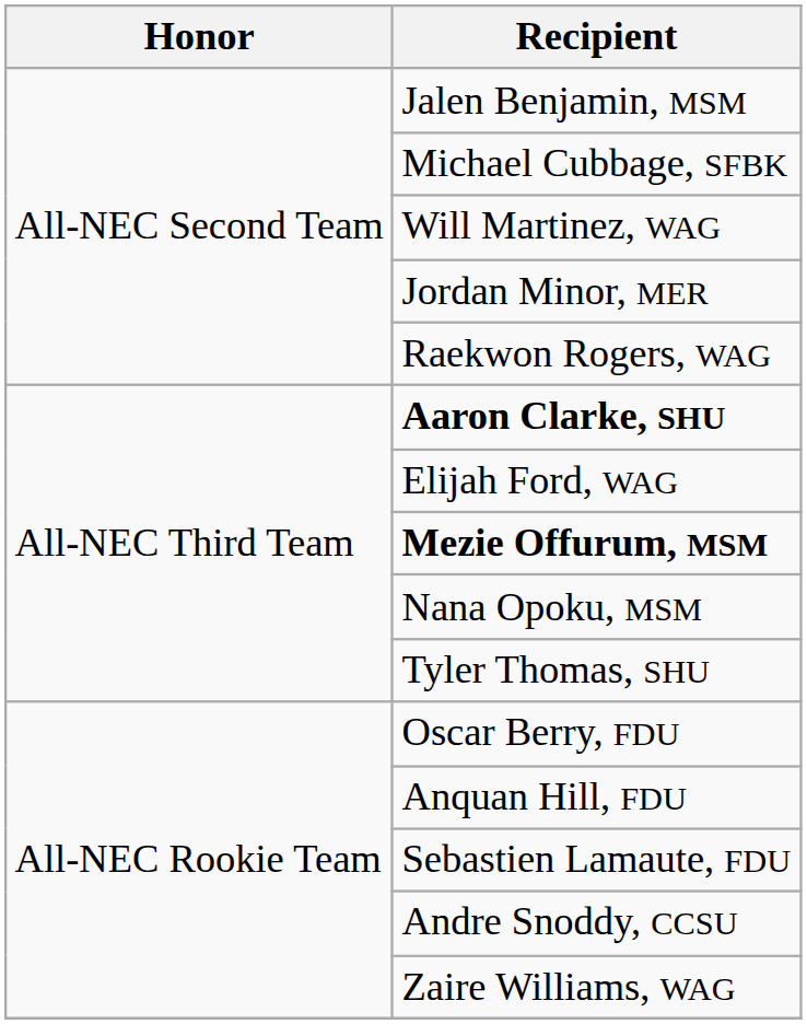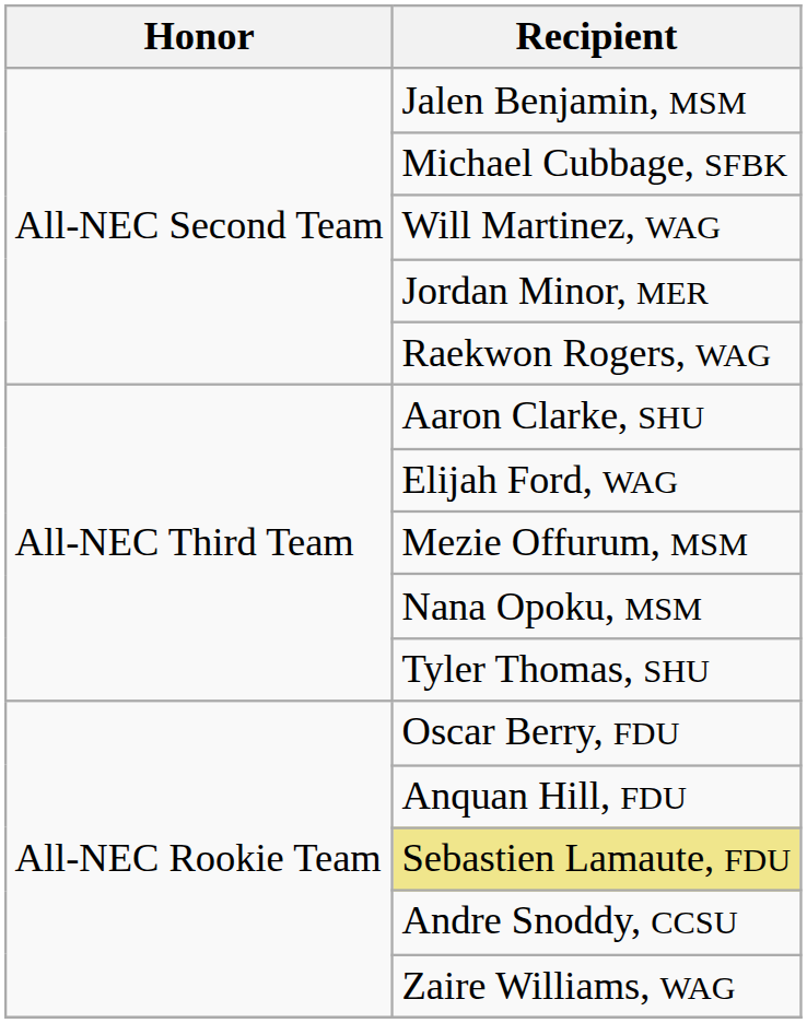 <table class="wikitable" border="1">
 <tr>
 <th>Honor</th>
 <th>Recipient</th>
 </tr>
 <tr>
 <td rowspan="5" valign="middle">All-NEC Second Team</td>
 <td>Jalen Benjamin, <small>MSM</small></td>
 </tr>
 <tr>
 <td>Michael Cubbage, <small>SFBK</small></td>
 </tr>
 <tr>
 <td>Will Martinez, <small>WAG</small></td>
 </tr>
 <tr>
 <td>Jordan Minor, <small>MER</small></td>
 </tr>
 <tr>
 <td>Raekwon Rogers, <small>WAG</small></td>
 </tr>
 <tr>
 <td rowspan="5" valign="middle">All-NEC Third Team</td>
-<td><strong>Aaron Clarke, <small>SHU</small></strong></td>
+<td>Aaron Clarke, <small>SHU</small></td>
 </tr>
 <tr>
 <td>Elijah Ford, <small>WAG</small></td>
 </tr>
 <tr>
-<td><strong>Mezie Offurum, <small>MSM</small></strong></td>
+<td>Mezie Offurum, <small>MSM</small></td>
 </tr>
 <tr>
 <td>Nana Opoku, <small>MSM</small></td>
 </tr>
 <tr>
 <td>Tyler Thomas, <small>SHU</small></td>
 </tr>
 <tr>
 <td rowspan="5" valign="middle">All-NEC Rookie Team</td>
 <td>Oscar Berry, <small>FDU</small></td>
 </tr>
 <tr>
 <td>Anquan Hill, <small>FDU</small></td>
 </tr>
 <tr>
-<td>Sebastien Lamaute, <small>FDU</small></td>
+<td style="background: khaki;">Sebastien Lamaute, <small>FDU</small></td>
 </tr>
 <tr>
 <td>Andre Snoddy, <small>CCSU</small></td>
 </tr>
 <tr>
 <td>Zaire Williams, <small>WAG</small></td>
 </tr>
 <tr>
 </tr>
 </table>
